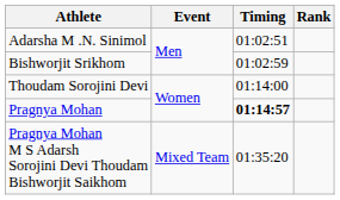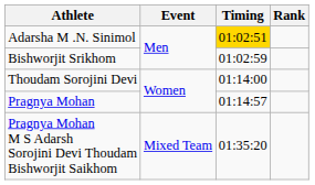 <table class="wikitable">
 <tr>
 <th>Athlete</th>
 <th>Event</th>
 <th>Timing</th>
 <th>Rank</th>
 </tr>
 <tr>
 <td>Adarsha M .N. Sinimol</td>
 <td rowspan="2"><a href='#'>Men</a></td>
-<td>01:02:51</td>
+<td style="background: gold;">01:02:51</td>
 <td></td>
 </tr>
 <tr>
 <td>Bishworjit Srikhom</td>
 <td>01:02:59</td>
 <td></td>
 </tr>
 <tr>
 <td>Thoudam Sorojini Devi</td>
 <td rowspan="2"><a href='#'>Women</a></td>
 <td>01:14:00</td>
 <td></td>
 </tr>
 <tr>
 <td><a href='#'>Pragnya Mohan</a></td>
-<td><strong>01:14:57</strong></td>
+<td>01:14:57</td>
 <td></td>
 </tr>
 <tr>
 <td><a href='#'>Pragnya Mohan</a><br>M S Adarsh<br>Sorojini Devi Thoudam<br>Bishworjit Saikhom</td>
 <td><a href='#'>Mixed Team</a></td>
 <td>01:35:20</td>
 <td></td>
 </tr>
 </table>
